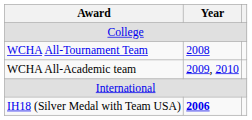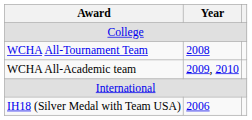 <table class="wikitable">
 <tr>
 <th>Award</th>
 <th>Year</th>
 <th></th>
 </tr>
 <tr ALIGN="center" bgcolor="#e0e0e0">
 <td colspan="3"><a href='#'>College</a></td>
 </tr>
 <tr>
 <td><a href='#'>WCHA</a> <a href='#'>All-Tournament Team</a></td>
 <td><a href='#'>2008</a></td>
 <td></td>
 </tr>
 <tr>
 <td>WCHA All-Academic team</td>
 <td><a href='#'>2009</a>, <a href='#'>2010</a></td>
 <td></td>
 </tr>
 <tr ALIGN="center" bgcolor="#e0e0e0">
 <td colspan="3"><a href='#'>International</a></td>
 </tr>
 <tr>
 <td><a href='#'>IH18</a> (Silver Medal with Team USA)</td>
-<td><strong><a href='#'>2006</a></strong></td>
+<td><a href='#'>2006</a></td>
 <td></td>
 </tr>
 </table>
